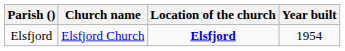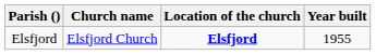 <table class="wikitable" style="text-align:center">
 <tr>
 <th>Parish ()</th>
 <th>Church name</th>
 <th>Location of the church</th>
 <th>Year built</th>
 </tr>
 <tr>
 <td rowspan="1">Elsfjord</td>
 <td><a href='#'>Elsfjord Church</a></td>
 <td><strong><a href='#'>Elsfjord</a></strong></td>
-<td>1954</td>
+<td>1955</td>
 </tr>
 </table>
